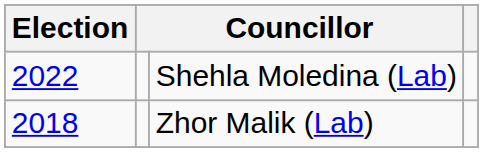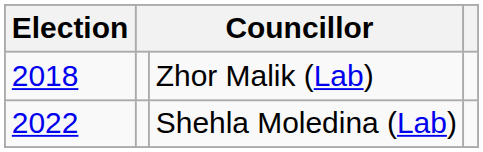 <table class="wikitable">
 <tr>
 <th>Election</th>
 <th colspan="2">Councillor</th>
 <th colspan="1"></th>
 </tr>
 <tr>
+<td><a href='#'>2018</a></td>
+<td style="background-color: "></td>
+<td>Zhor Malik (<a href='#'>Lab</a>)</td>
+<td></td>
+</tr>
+<tr>
 <td><a href='#'>2022</a></td>
 <td style="background-color: "></td>
 <td>Shehla Moledina (<a href='#'>Lab</a>)</td>
 <td></td>
 </tr>
-<tr>
-<td><a href='#'>2018</a></td>
-<td style="background-color: "></td>
-<td>Zhor Malik (<a href='#'>Lab</a>)</td>
-<td></td>
-</tr>
 </table>
